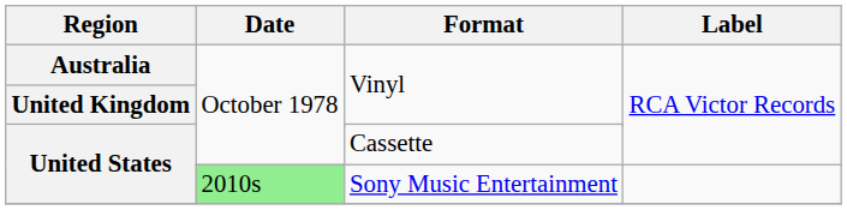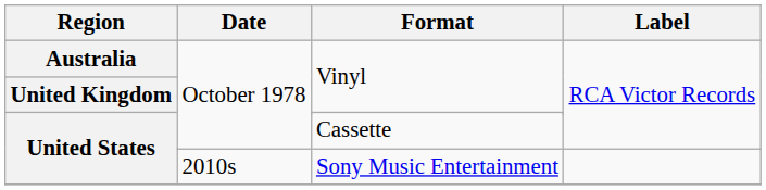 <table class="wikitable plainrowheaders">
 <tr>
 <th scope="col">Region</th>
 <th scope="col">Date</th>
 <th scope="col">Format</th>
 <th scope="col">Label</th>
 </tr>
 <tr>
 <th scope="row">Australia</th>
 <td rowspan="4">October 1978</td>
 <td rowspan="3">Vinyl</td>
 <td rowspan="4"><a href='#'>RCA Victor Records</a></td>
 </tr>
 <tr>
 <th scope="row">United Kingdom</th>
 </tr>
 <tr>
 <th scope="row" rowspan="3">United States</th>
 </tr>
 <tr>
 <td>Cassette</td>
 </tr>
 <tr>
-<td style="background: lightgreen;">2010s</td>
+<td>2010s</td>
 <td><a href='#'>Sony Music Entertainment</a></td>
 <td></td>
 </tr>
 <tr>
 </tr>
 </table>
